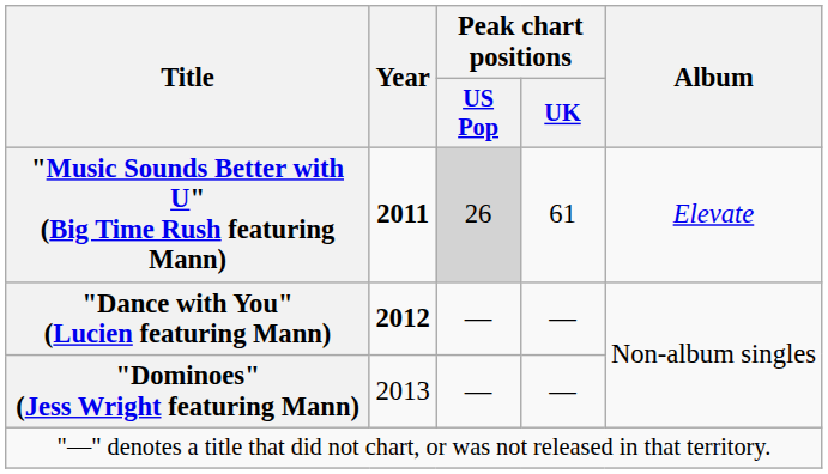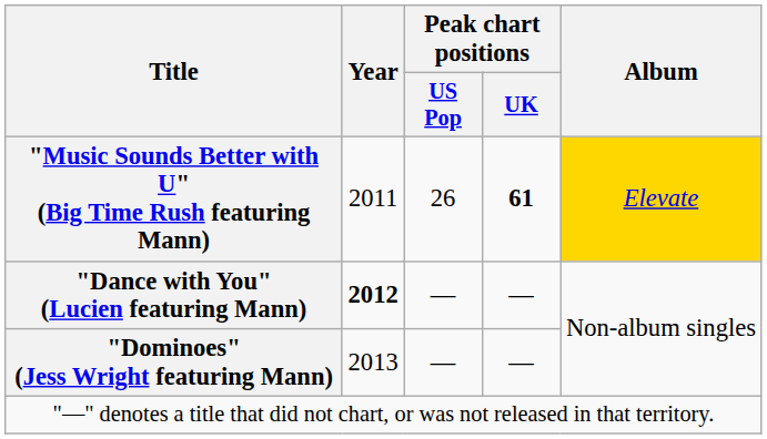 <table class="wikitable plainrowheaders" style="text-align:center;" border="1">
 <tr>
 <th scope="col" rowspan="2" style="width:13em;">Title</th>
 <th scope="col" rowspan="2">Year</th>
 <th scope="col" colspan="2">Peak chart positions</th>
 <th scope="col" rowspan="2">Album</th>
 </tr>
 <tr>
 <th scope="col" style="width:3em;font-size:90%;"><a href='#'>US Pop</a><br></th>
 <th scope="col" style="width:3em;font-size:90%;"><a href='#'>UK</a><br></th>
 </tr>
 <tr>
 <th scope="row">"<a href='#'>Music Sounds Better with U</a>" <br><span>(<a href='#'>Big Time Rush</a> featuring Mann)</span></th>
-<td><strong>2011</strong></td>
-<td style="background: lightgrey;">26</td>
-<td>61</td>
-<td><em><a href='#'>Elevate</a></em></td>
+<td>2011</td>
+<td>26</td>
+<td><strong>61</strong></td>
+<td style="background: gold;"><em><a href='#'>Elevate</a></em></td>
 </tr>
 <tr>
 <th scope="row">"Dance with You" <br><span>(<a href='#'>Lucien</a> featuring Mann)</span></th>
 <td><strong>2012</strong></td>
 <td>—</td>
 <td>—</td>
 <td rowspan="2">Non-album singles</td>
 </tr>
 <tr>
 <th scope="row">"Dominoes" <br><span>(<a href='#'>Jess Wright</a> featuring Mann)</span></th>
 <td>2013</td>
 <td>—</td>
 <td>—</td>
 </tr>
 <tr>
 <td colspan="14" style="font-size:90%">"—" denotes a title that did not chart, or was not released in that territory.</td>
 </tr>
 </table>
